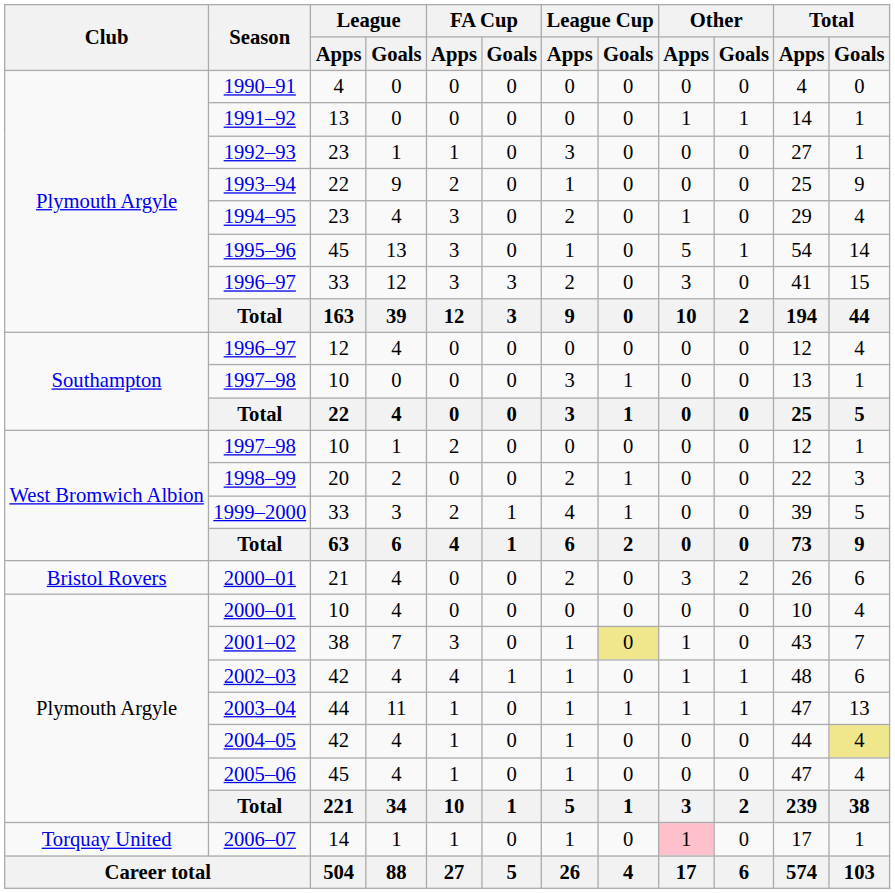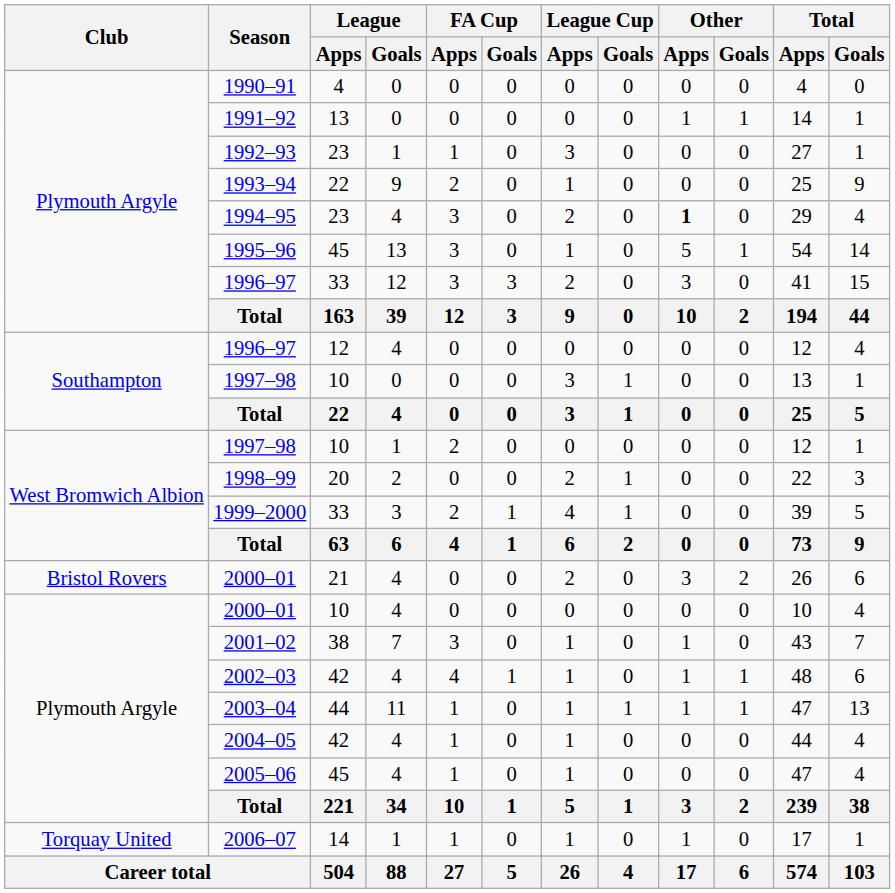 <table class="wikitable" style="text-align:center">
 <tr>
 <th rowspan="2">Club</th>
 <th rowspan="2">Season</th>
 <th colspan="2">League</th>
 <th colspan="2">FA Cup</th>
 <th colspan="2">League Cup</th>
 <th colspan="2">Other</th>
 <th colspan="2">Total</th>
 </tr>
 <tr>
 <th>Apps</th>
 <th>Goals</th>
 <th>Apps</th>
 <th>Goals</th>
 <th>Apps</th>
 <th>Goals</th>
 <th>Apps</th>
 <th>Goals</th>
 <th>Apps</th>
 <th>Goals</th>
 </tr>
 <tr>
 <td rowspan="8"><a href='#'>Plymouth Argyle</a></td>
 <td><a href='#'>1990–91</a></td>
 <td>4</td>
 <td>0</td>
 <td>0</td>
 <td>0</td>
 <td>0</td>
 <td>0</td>
 <td>0</td>
 <td>0</td>
 <td>4</td>
 <td>0</td>
 </tr>
 <tr>
 <td><a href='#'>1991–92</a></td>
 <td>13</td>
 <td>0</td>
 <td>0</td>
 <td>0</td>
 <td>0</td>
 <td>0</td>
 <td>1</td>
 <td>1</td>
 <td>14</td>
 <td>1</td>
 </tr>
 <tr>
 <td><a href='#'>1992–93</a></td>
 <td>23</td>
 <td>1</td>
 <td>1</td>
 <td>0</td>
 <td>3</td>
 <td>0</td>
 <td>0</td>
 <td>0</td>
 <td>27</td>
 <td>1</td>
 </tr>
 <tr>
 <td><a href='#'>1993–94</a></td>
 <td>22</td>
 <td>9</td>
 <td>2</td>
 <td>0</td>
 <td>1</td>
 <td>0</td>
 <td>0</td>
 <td>0</td>
 <td>25</td>
 <td>9</td>
 </tr>
 <tr>
 <td><a href='#'>1994–95</a></td>
 <td>23</td>
 <td>4</td>
 <td>3</td>
 <td>0</td>
 <td>2</td>
 <td>0</td>
-<td>1</td>
+<td><strong>1</strong></td>
 <td>0</td>
 <td>29</td>
 <td>4</td>
 </tr>
 <tr>
 <td><a href='#'>1995–96</a></td>
 <td>45</td>
 <td>13</td>
 <td>3</td>
 <td>0</td>
 <td>1</td>
 <td>0</td>
 <td>5</td>
 <td>1</td>
 <td>54</td>
 <td>14</td>
 </tr>
 <tr>
 <td><a href='#'>1996–97</a></td>
 <td>33</td>
 <td>12</td>
 <td>3</td>
 <td>3</td>
 <td>2</td>
 <td>0</td>
 <td>3</td>
 <td>0</td>
 <td>41</td>
 <td>15</td>
 </tr>
 <tr>
 <th>Total</th>
 <th>163</th>
 <th>39</th>
 <th>12</th>
 <th>3</th>
 <th>9</th>
 <th>0</th>
 <th>10</th>
 <th>2</th>
 <th>194</th>
 <th>44</th>
 </tr>
 <tr>
 <td rowspan="3"><a href='#'>Southampton</a></td>
 <td><a href='#'>1996–97</a></td>
 <td>12</td>
 <td>4</td>
 <td>0</td>
 <td>0</td>
 <td>0</td>
 <td>0</td>
 <td>0</td>
 <td>0</td>
 <td>12</td>
 <td>4</td>
 </tr>
 <tr>
 <td><a href='#'>1997–98</a></td>
 <td>10</td>
 <td>0</td>
 <td>0</td>
 <td>0</td>
 <td>3</td>
 <td>1</td>
 <td>0</td>
 <td>0</td>
 <td>13</td>
 <td>1</td>
 </tr>
 <tr>
 <th>Total</th>
 <th>22</th>
 <th>4</th>
 <th>0</th>
 <th>0</th>
 <th>3</th>
 <th>1</th>
 <th>0</th>
 <th>0</th>
 <th>25</th>
 <th>5</th>
 </tr>
 <tr>
 <td rowspan="4"><a href='#'>West Bromwich Albion</a></td>
 <td><a href='#'>1997–98</a></td>
 <td>10</td>
 <td>1</td>
 <td>2</td>
 <td>0</td>
 <td>0</td>
 <td>0</td>
 <td>0</td>
 <td>0</td>
 <td>12</td>
 <td>1</td>
 </tr>
 <tr>
 <td><a href='#'>1998–99</a></td>
 <td>20</td>
 <td>2</td>
 <td>0</td>
 <td>0</td>
 <td>2</td>
 <td>1</td>
 <td>0</td>
 <td>0</td>
 <td>22</td>
 <td>3</td>
 </tr>
 <tr>
 <td><a href='#'>1999–2000</a></td>
 <td>33</td>
 <td>3</td>
 <td>2</td>
 <td>1</td>
 <td>4</td>
 <td>1</td>
 <td>0</td>
 <td>0</td>
 <td>39</td>
 <td>5</td>
 </tr>
 <tr>
 <th>Total</th>
 <th>63</th>
 <th>6</th>
 <th>4</th>
 <th>1</th>
 <th>6</th>
 <th>2</th>
 <th>0</th>
 <th>0</th>
 <th>73</th>
 <th>9</th>
 </tr>
 <tr>
 <td><a href='#'>Bristol Rovers</a></td>
 <td><a href='#'>2000–01</a></td>
 <td>21</td>
 <td>4</td>
 <td>0</td>
 <td>0</td>
 <td>2</td>
 <td>0</td>
 <td>3</td>
 <td>2</td>
 <td>26</td>
 <td>6</td>
 </tr>
 <tr>
 <td rowspan="7">Plymouth Argyle</td>
 <td><a href='#'>2000–01</a></td>
 <td>10</td>
 <td>4</td>
 <td>0</td>
 <td>0</td>
 <td>0</td>
 <td>0</td>
 <td>0</td>
 <td>0</td>
 <td>10</td>
 <td>4</td>
 </tr>
 <tr>
 <td><a href='#'>2001–02</a></td>
 <td>38</td>
 <td>7</td>
 <td>3</td>
 <td>0</td>
 <td>1</td>
-<td style="background: khaki;">0</td>
+<td>0</td>
 <td>1</td>
 <td>0</td>
 <td>43</td>
 <td>7</td>
 </tr>
 <tr>
 <td><a href='#'>2002–03</a></td>
 <td>42</td>
 <td>4</td>
 <td>4</td>
 <td>1</td>
 <td>1</td>
 <td>0</td>
 <td>1</td>
 <td>1</td>
 <td>48</td>
 <td>6</td>
 </tr>
 <tr>
 <td><a href='#'>2003–04</a></td>
 <td>44</td>
 <td>11</td>
 <td>1</td>
 <td>0</td>
 <td>1</td>
 <td>1</td>
 <td>1</td>
 <td>1</td>
 <td>47</td>
 <td>13</td>
 </tr>
 <tr>
 <td><a href='#'>2004–05</a></td>
 <td>42</td>
 <td>4</td>
 <td>1</td>
 <td>0</td>
 <td>1</td>
 <td>0</td>
 <td>0</td>
 <td>0</td>
 <td>44</td>
-<td style="background: khaki;">4</td>
+<td>4</td>
 </tr>
 <tr>
 <td><a href='#'>2005–06</a></td>
 <td>45</td>
 <td>4</td>
 <td>1</td>
 <td>0</td>
 <td>1</td>
 <td>0</td>
 <td>0</td>
 <td>0</td>
 <td>47</td>
 <td>4</td>
 </tr>
 <tr>
 <th>Total</th>
 <th>221</th>
 <th>34</th>
 <th>10</th>
 <th>1</th>
 <th>5</th>
 <th>1</th>
 <th>3</th>
 <th>2</th>
 <th>239</th>
 <th>38</th>
 </tr>
 <tr>
 <td><a href='#'>Torquay United</a></td>
 <td><a href='#'>2006–07</a></td>
 <td>14</td>
 <td>1</td>
 <td>1</td>
 <td>0</td>
 <td>1</td>
 <td>0</td>
-<td style="background: pink;">1</td>
+<td>1</td>
 <td>0</td>
 <td>17</td>
 <td>1</td>
 </tr>
 <tr>
 <th colspan="2">Career total</th>
 <th>504</th>
 <th>88</th>
 <th>27</th>
 <th>5</th>
 <th>26</th>
 <th>4</th>
 <th>17</th>
 <th>6</th>
 <th>574</th>
 <th>103</th>
 </tr>
 </table>
